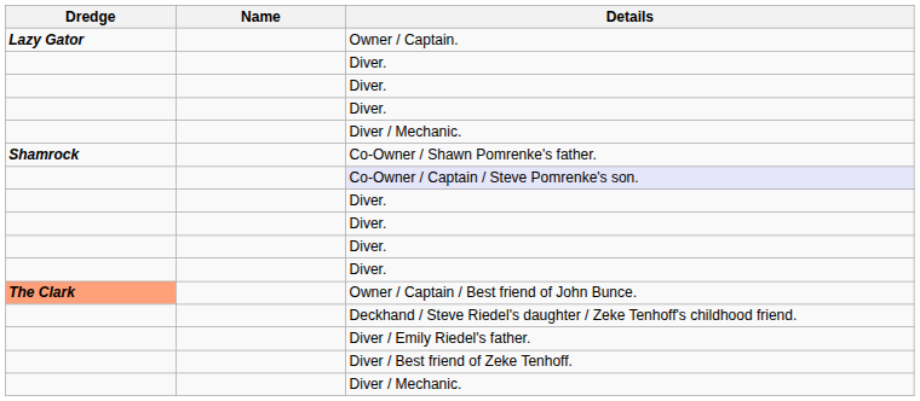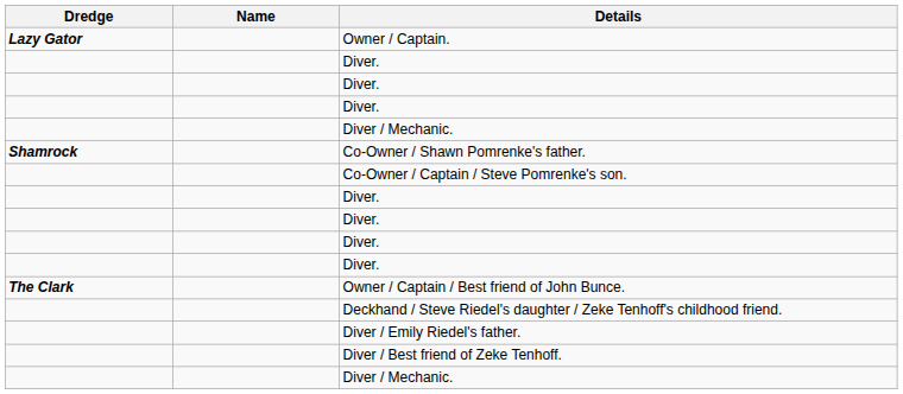 <table class=wikitable>
 <tr>
 <th style="width:15%;">Dredge</th>
 <th style="width:15%;">Name</th>
 <th colspan="12" style="width:50%;">Details</th>
 </tr>
 <tr>
 <td><strong><em>Lazy Gator</em></strong></td>
 <td></td>
 <td>Owner / Captain.</td>
 </tr>
 <tr>
 <td></td>
 <td></td>
 <td>Diver.</td>
 </tr>
 <tr>
 <td></td>
 <td></td>
 <td>Diver.</td>
 </tr>
 <tr>
 <td></td>
 <td></td>
 <td>Diver.</td>
 </tr>
 <tr>
 <td></td>
 <td></td>
 <td>Diver / Mechanic.</td>
 </tr>
 <tr>
 <td><strong><em>Shamrock</em></strong></td>
 <td></td>
 <td>Co-Owner / Shawn Pomrenke's father.</td>
 </tr>
 <tr>
 <td></td>
 <td></td>
-<td style="background: lavender;">Co-Owner / Captain / Steve Pomrenke's son.</td>
+<td>Co-Owner / Captain / Steve Pomrenke's son.</td>
 </tr>
 <tr>
 <td></td>
 <td></td>
 <td>Diver.</td>
 </tr>
 <tr>
 <td></td>
 <td></td>
 <td>Diver.</td>
 </tr>
 <tr>
 <td></td>
 <td></td>
 <td>Diver.</td>
 </tr>
 <tr>
 <td></td>
 <td></td>
 <td>Diver.</td>
 </tr>
 <tr>
-<td style="background: lightsalmon;"><strong><em>The Clark</em></strong></td>
+<td><strong><em>The Clark</em></strong></td>
 <td></td>
 <td>Owner / Captain / Best friend of John Bunce.</td>
 </tr>
 <tr>
 <td></td>
 <td></td>
 <td>Deckhand / Steve Riedel's daughter / Zeke Tenhoff's childhood friend.</td>
 </tr>
 <tr>
 <td></td>
 <td></td>
 <td>Diver / Emily Riedel's father.</td>
 </tr>
 <tr>
 <td></td>
 <td></td>
 <td>Diver / Best friend of Zeke Tenhoff.</td>
 </tr>
 <tr>
 <td></td>
 <td></td>
 <td>Diver / Mechanic.</td>
 </tr>
 </table>
